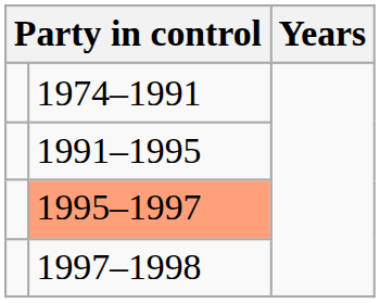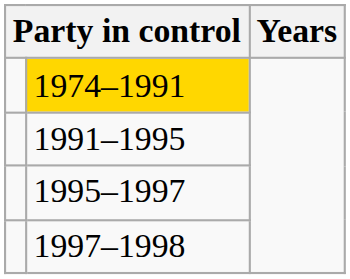 <table class="wikitable">
 <tr>
 <th colspan="2">Party in control</th>
 <th>Years</th>
 </tr>
 <tr>
 <td></td>
-<td>1974–1991</td>
+<td style="background: gold;">1974–1991</td>
 </tr>
 <tr>
 <td></td>
 <td>1991–1995</td>
 </tr>
 <tr>
 <td></td>
-<td style="background: lightsalmon;">1995–1997</td>
+<td>1995–1997</td>
 </tr>
 <tr>
 <td></td>
 <td>1997–1998</td>
 </tr>
 </table>
